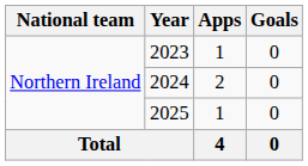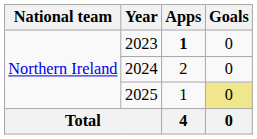 <table class="wikitable" style="text-align:center">
 <tr>
 <th>National team</th>
 <th>Year</th>
 <th>Apps</th>
 <th>Goals</th>
 </tr>
 <tr>
 <td rowspan="3"><a href='#'>Northern Ireland</a></td>
 <td>2023</td>
-<td>1</td>
+<td><strong>1</strong></td>
 <td>0</td>
 </tr>
 <tr>
 <td>2024</td>
 <td>2</td>
 <td>0</td>
 </tr>
 <tr>
 <td>2025</td>
 <td>1</td>
-<td>0</td>
+<td style="background: khaki;">0</td>
 </tr>
 <tr>
 <th colspan="2">Total</th>
 <th>4</th>
 <th>0</th>
 </tr>
 </table>
